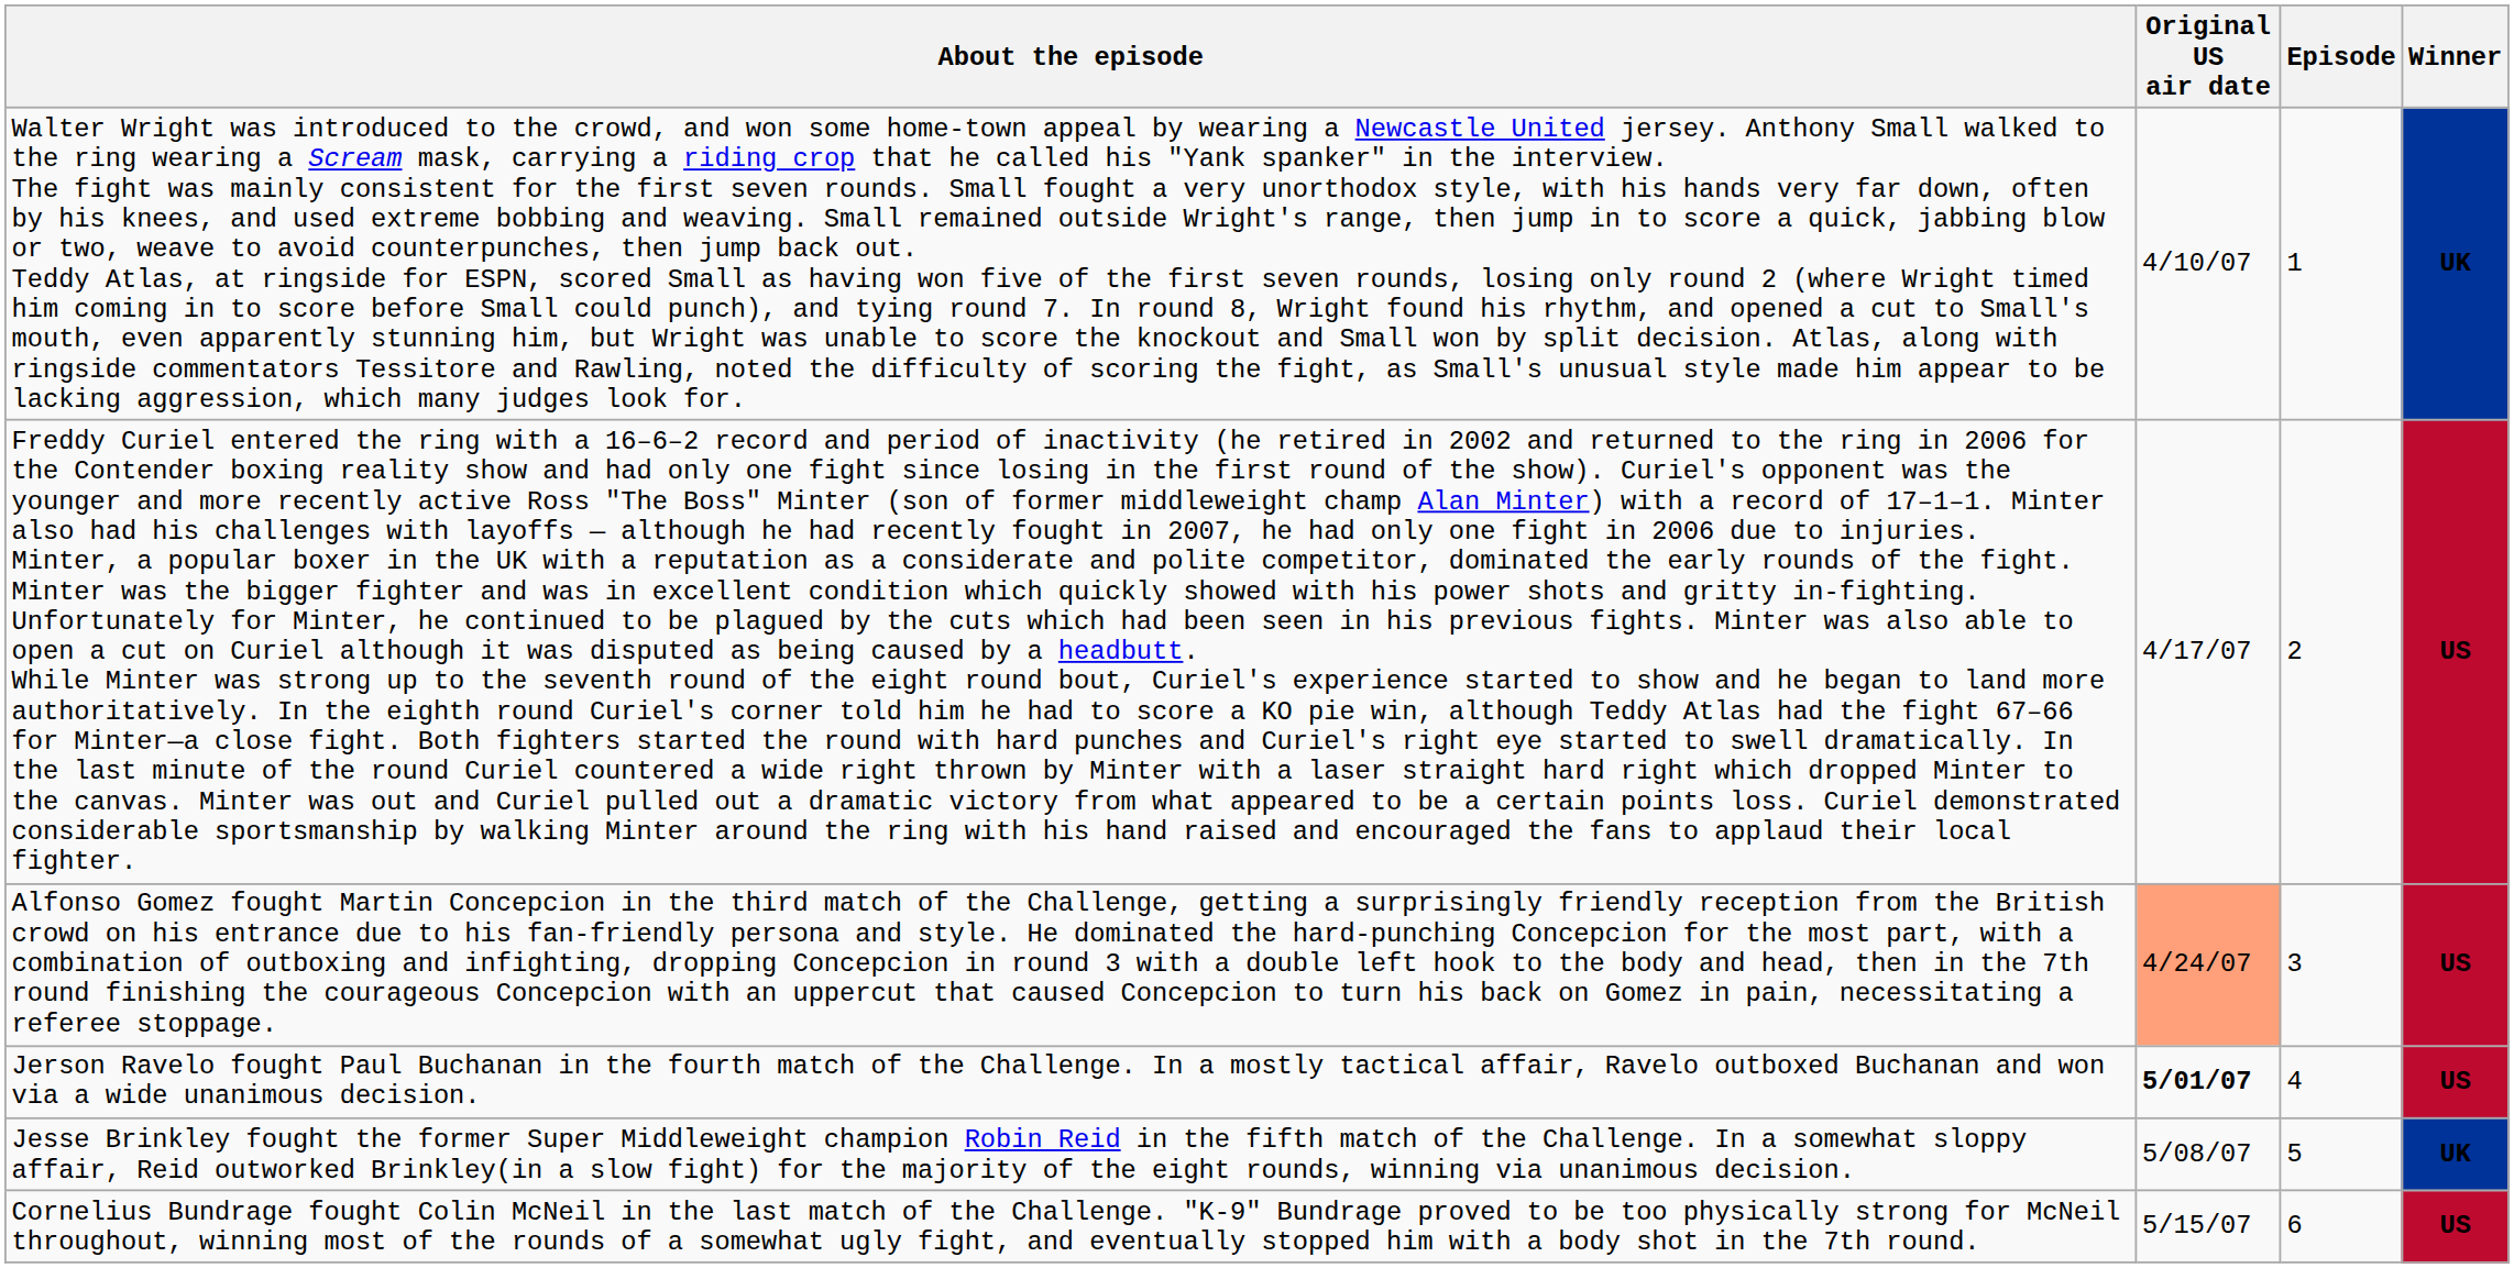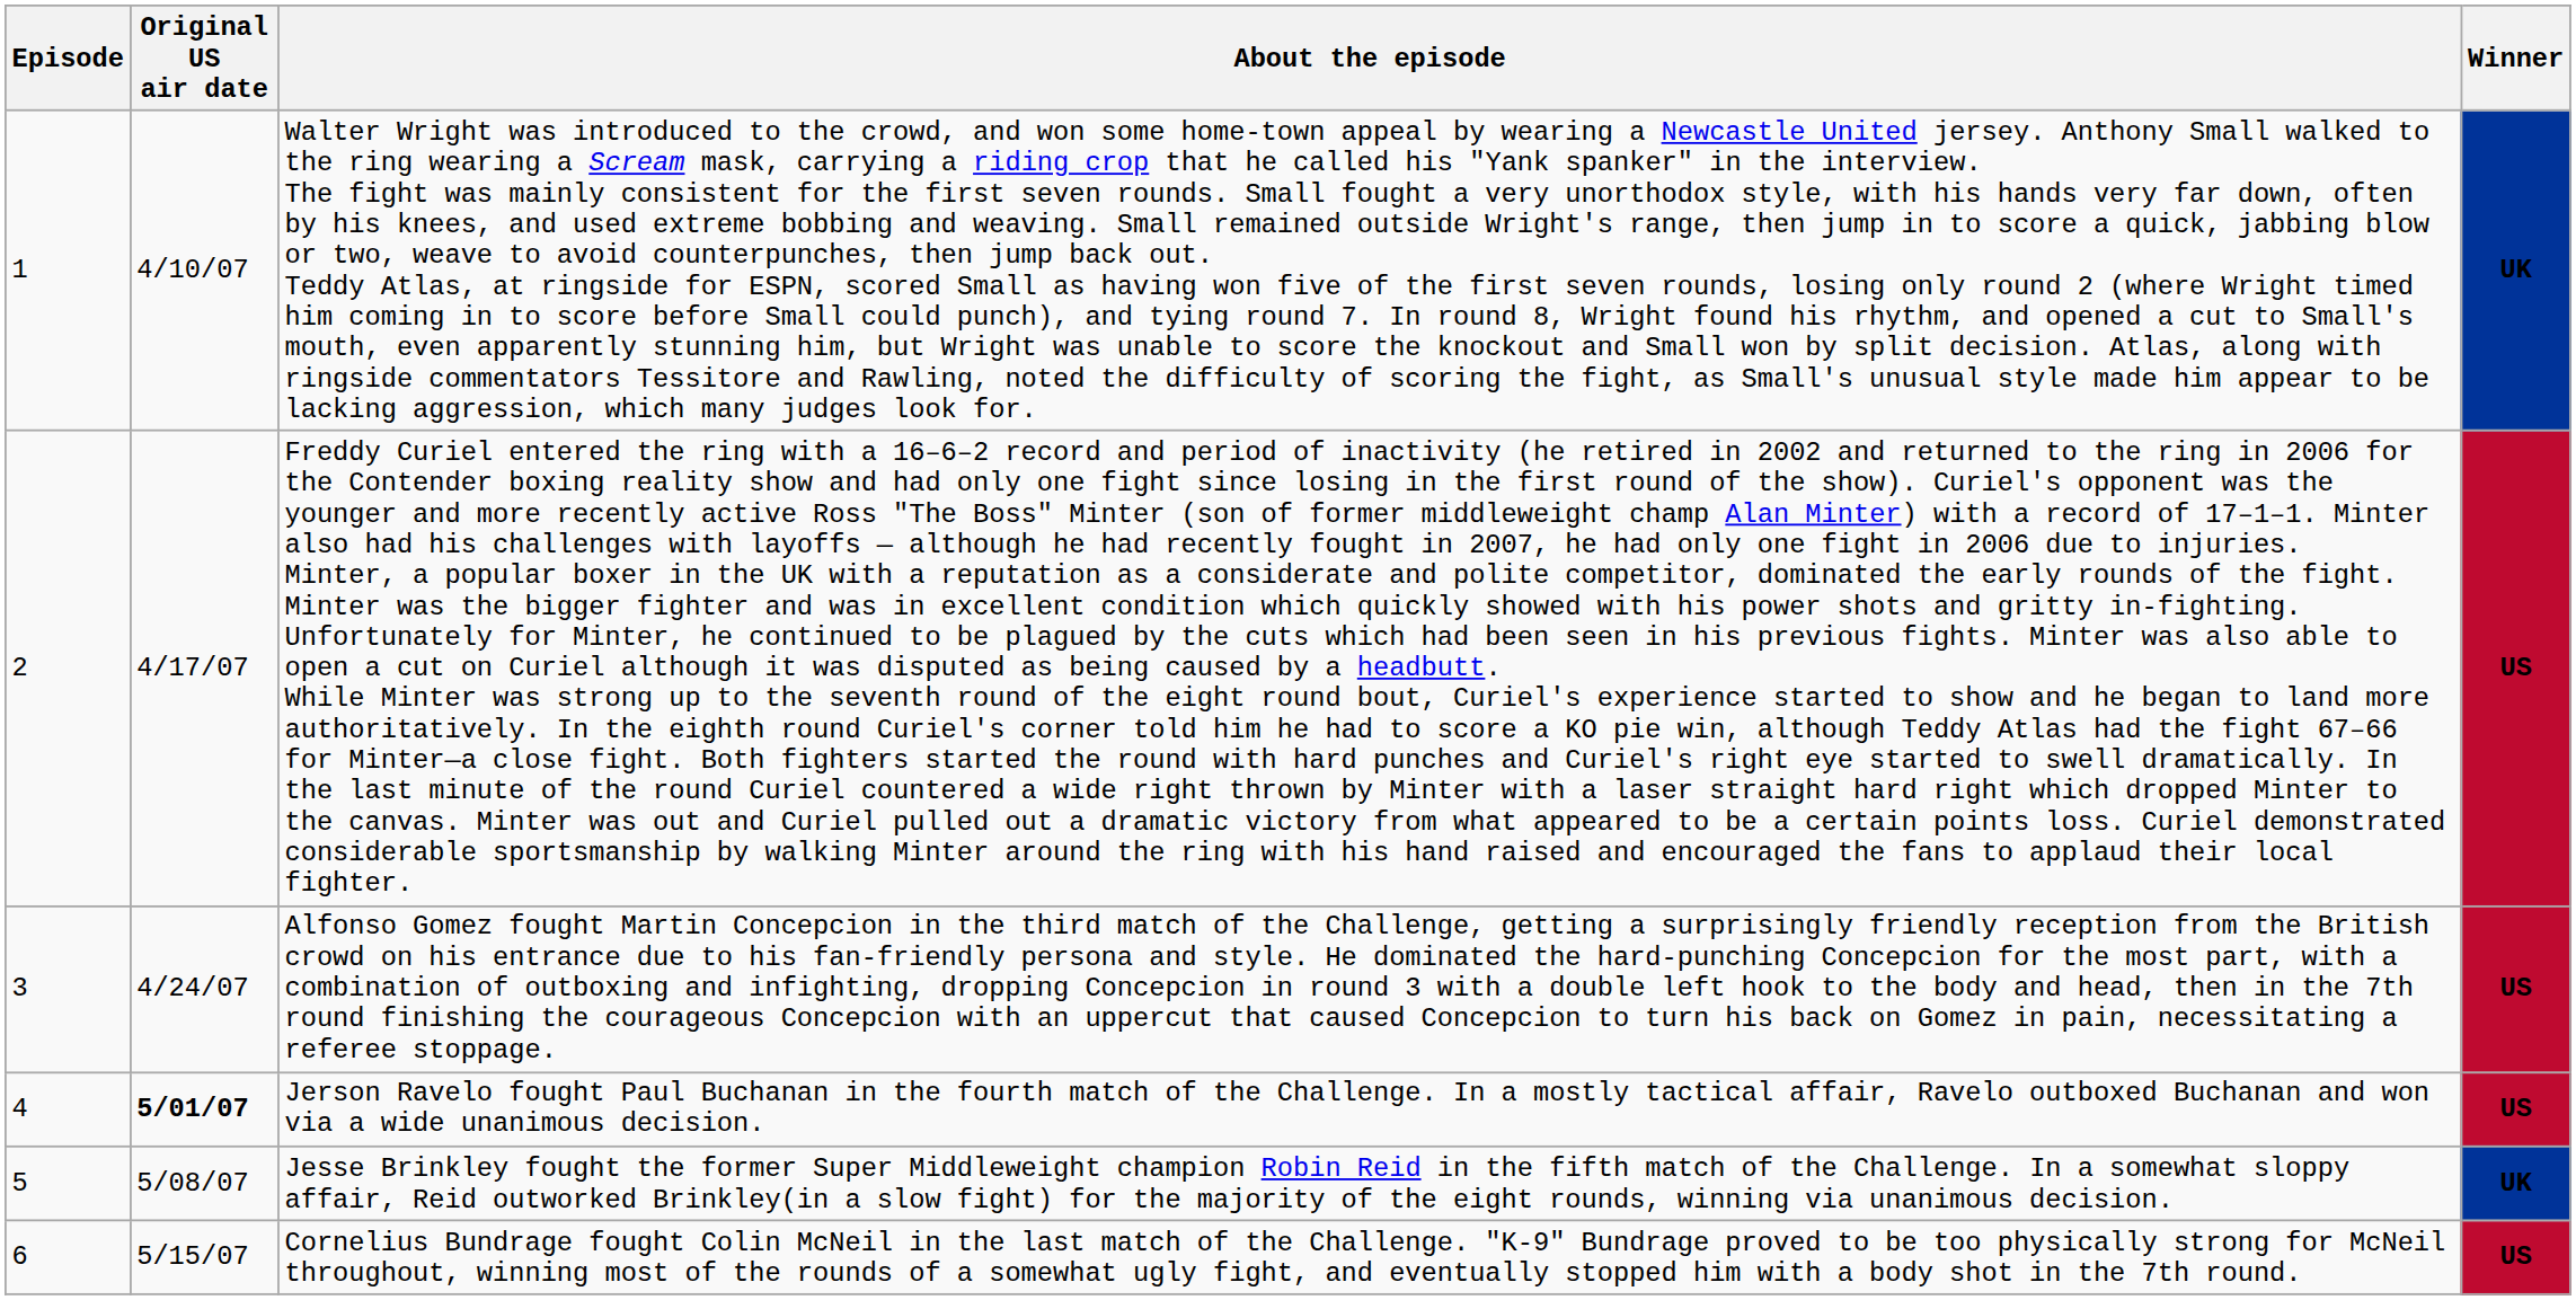 <table class="wikitable">
 <tr>
+<th>Episode</th>
+<th>Original US<br>air date</th>
 <th>About the episode</th>
-<th>Original US<br>air date</th>
-<th>Episode</th>
 <th>Winner</th>
 </tr>
 <tr>
+<td>1</td>
+<td>4/10/07</td>
 <td>Walter Wright was introduced to the crowd, and won some home-town appeal by wearing a <a href='#'>Newcastle United</a> jersey. Anthony Small walked to the ring wearing a <em><a href='#'>Scream</a></em> mask, carrying a <a href='#'>riding crop</a> that he called his "Yank spanker" in the interview.<br>The fight was mainly consistent for the first seven rounds. Small fought a very unorthodox style, with his hands very far down, often by his knees, and used extreme bobbing and weaving. Small remained outside Wright's range, then jump in to score a quick, jabbing blow or two, weave to avoid counterpunches, then jump back out.<br>Teddy Atlas, at ringside for ESPN, scored Small as having won five of the first seven rounds, losing only round 2 (where Wright timed him coming in to score before Small could punch), and tying round 7. In round 8, Wright found his rhythm, and opened a cut to Small's mouth, even apparently stunning him, but Wright was unable to score the knockout and Small won by split decision. Atlas, along with ringside commentators Tessitore and Rawling, noted the difficulty of scoring the fight, as Small's unusual style made him appear to be lacking aggression, which many judges look for.</td>
-<td>4/10/07</td>
-<td>1</td>
 <th style="background:#003399"><span>UK</span></th>
 </tr>
 <tr>
+<td>2</td>
+<td>4/17/07</td>
 <td>Freddy Curiel entered the ring with a 16–6–2 record and period of inactivity (he retired in 2002 and returned to the ring in 2006 for the Contender boxing reality show and had only one fight since losing in the first round of the show). Curiel's opponent was the younger and more recently active Ross "The Boss" Minter (son of former middleweight champ <a href='#'>Alan Minter</a>) with a record of 17–1–1. Minter also had his challenges with layoffs — although he had recently fought in 2007, he had only one fight in 2006 due to injuries.<br>Minter, a popular boxer in the UK with a reputation as a considerate and polite competitor, dominated the early rounds of the fight. Minter was the bigger fighter and was in excellent condition which quickly showed with his power shots and gritty in-fighting. Unfortunately for Minter, he continued to be plagued by the cuts which had been seen in his previous fights. Minter was also able to open a cut on Curiel although it was disputed as being caused by a <a href='#'>headbutt</a>.<br>While Minter was strong up to the seventh round of the eight round bout, Curiel's experience started to show and he began to land more authoritatively. In the eighth round Curiel's corner told him he had to score a KO pie win, although Teddy Atlas had the fight 67–66 for Minter—a close fight. Both fighters started the round with hard punches and Curiel's right eye started to swell dramatically. In the last minute of the round Curiel countered a wide right thrown by Minter with a laser straight hard right which dropped Minter to the canvas.  Minter was out and Curiel pulled out a dramatic victory from what appeared to be a certain points loss. Curiel demonstrated considerable sportsmanship by walking Minter around the ring with his hand raised and encouraged the fans to applaud their local fighter.</td>
-<td>4/17/07</td>
-<td>2</td>
 <th style="background:#BF0A30"><span>US</span></th>
 </tr>
 <tr>
+<td>3</td>
+<td>4/24/07</td>
 <td>Alfonso Gomez fought Martin Concepcion in the third match of the Challenge, getting a surprisingly friendly reception from the British crowd on his entrance due to his fan-friendly persona and style. He dominated the hard-punching Concepcion for the most part, with a combination of outboxing and infighting, dropping Concepcion in round 3 with a double left hook to the body and head, then in the 7th round finishing the courageous Concepcion with an uppercut that caused Concepcion to turn his back on Gomez in pain, necessitating a referee stoppage.</td>
-<td style="background: lightsalmon;">4/24/07</td>
-<td>3</td>
 <th style="background:#BF0A30"><span>US</span></th>
 </tr>
 <tr>
+<td>4</td>
+<td><strong>5/01/07</strong></td>
 <td>Jerson Ravelo fought Paul Buchanan in the fourth match of the Challenge. In a mostly tactical affair, Ravelo outboxed Buchanan and won via a wide unanimous decision.</td>
-<td><strong>5/01/07</strong></td>
-<td>4</td>
 <th style="background:#BF0A30"><span>US</span></th>
 </tr>
 <tr>
+<td>5</td>
+<td>5/08/07</td>
 <td>Jesse Brinkley fought the former Super Middleweight champion <a href='#'>Robin Reid</a> in the fifth match of the Challenge. In a somewhat sloppy affair, Reid outworked Brinkley(in a slow fight) for the majority of the eight rounds, winning via unanimous decision.</td>
-<td>5/08/07</td>
-<td>5</td>
 <th style="background:#003399"><span>UK</span></th>
 </tr>
 <tr>
+<td>6</td>
+<td>5/15/07</td>
 <td>Cornelius Bundrage fought Colin McNeil in the last match of the Challenge. "K-9" Bundrage proved to be too physically strong for McNeil throughout, winning most of the rounds of a somewhat ugly fight, and eventually stopped him with a body shot in the 7th round.</td>
-<td>5/15/07</td>
-<td>6</td>
 <th style="background:#BF0A30"><span>US</span></th>
 </tr>
 </table>
